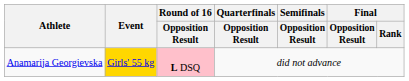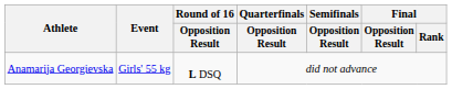 <table class="wikitable" style="font-size:90%">
 <tr>
 <th rowspan="2">Athlete</th>
 <th rowspan="2">Event</th>
 <th>Round of 16</th>
 <th>Quarterfinals</th>
 <th>Semifinals</th>
 <th colspan=2>Final</th>
 </tr>
 <tr style="font-size:95%">
 <th>Opposition<br>Result</th>
 <th>Opposition<br>Result</th>
 <th>Opposition<br>Result</th>
 <th>Opposition<br>Result</th>
 <th>Rank</th>
 </tr>
 <tr align=center>
 <td align=left><a href='#'>Anamarija Georgievska</a></td>
-<td align=left style="background: gold;"><a href='#'>Girls' 55 kg</a></td>
-<td style="background: pink;"><br><strong>L</strong> DSQ</td>
+<td align=left><a href='#'>Girls' 55 kg</a></td>
+<td><br><strong>L</strong> DSQ</td>
 <td Colspan=4><em>did not advance</em></td>
 </tr>
 </table>
